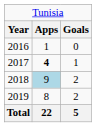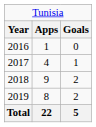 <table class="wikitable" style="text-align:center">
 <tr>
 <td colspan="3"><a href='#'>Tunisia</a></td>
 </tr>
 <tr>
 <th>Year</th>
 <th>Apps</th>
 <th>Goals</th>
 </tr>
 <tr>
 <td>2016</td>
 <td>1</td>
 <td>0</td>
 </tr>
 <tr>
 <td>2017</td>
-<td><strong>4</strong></td>
+<td>4</td>
 <td>1</td>
 </tr>
 <tr>
 <td>2018</td>
-<td style="background: lightblue;">9</td>
+<td>9</td>
 <td>2</td>
 </tr>
 <tr>
 <td>2019</td>
 <td>8</td>
 <td>2</td>
 </tr>
 <tr>
 <th>Total</th>
 <th>22</th>
 <th>5</th>
 </tr>
 </table>
